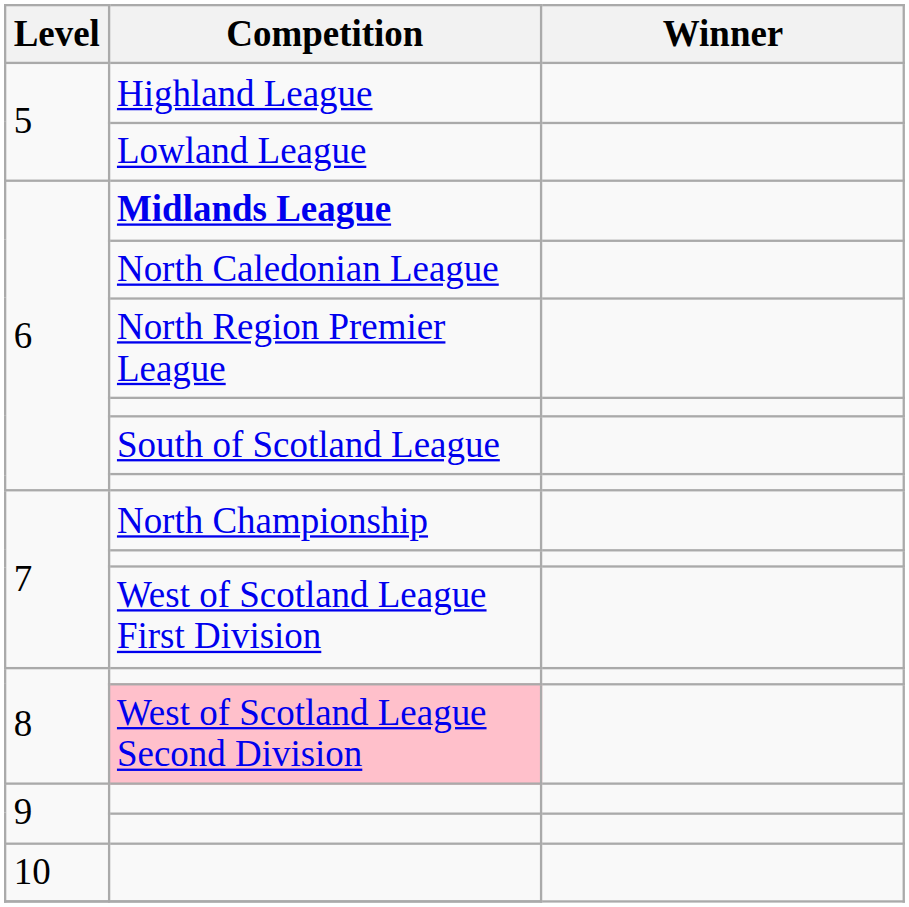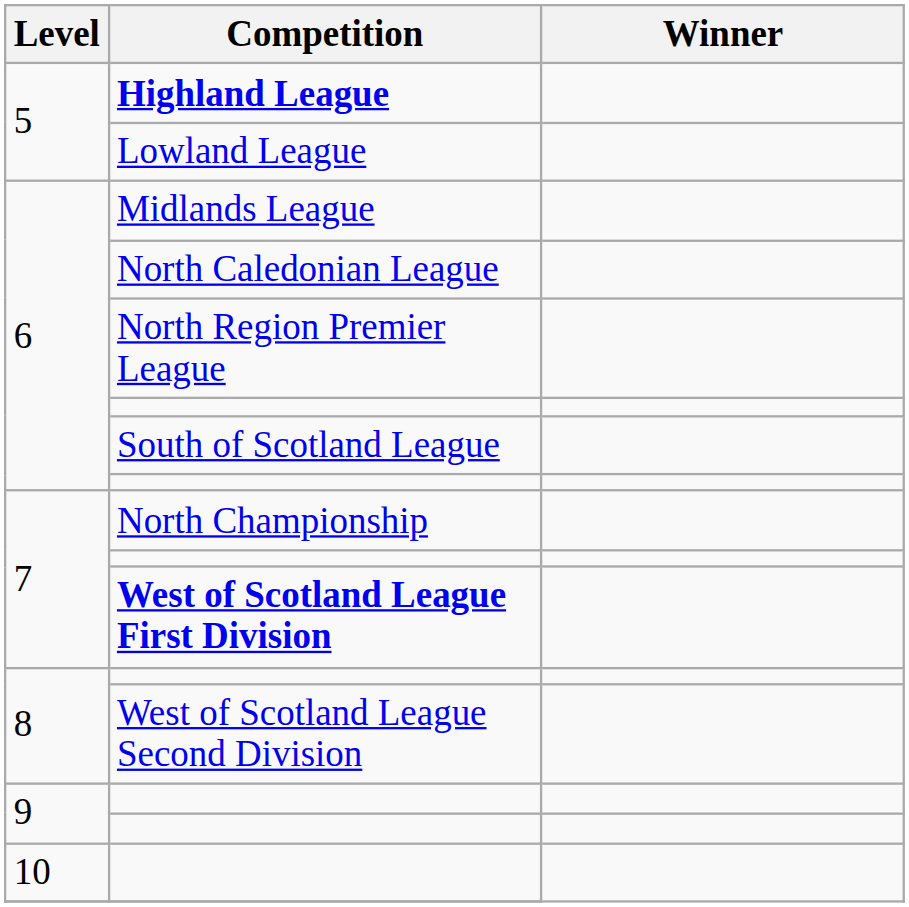 <table class="wikitable">
 <tr>
 <th>Level</th>
 <th width=180>Competition</th>
 <th width=150>Winner</th>
 </tr>
 <tr>
 <td rowspan="2">5</td>
-<td><a href='#'>Highland League</a></td>
+<td><strong><a href='#'>Highland League</a></strong></td>
 <td></td>
 </tr>
 <tr>
 <td><a href='#'>Lowland League</a></td>
 <td></td>
 </tr>
 <tr>
 <td rowspan="6">6</td>
-<td><strong><a href='#'>Midlands League</a></strong></td>
+<td><a href='#'>Midlands League</a></td>
 <td></td>
 </tr>
 <tr>
 <td><a href='#'>North Caledonian League</a></td>
 <td></td>
 </tr>
 <tr>
 <td><a href='#'>North Region Premier League</a></td>
 <td></td>
 </tr>
 <tr>
 <td></td>
 <td></td>
 </tr>
 <tr>
 <td><a href='#'>South of Scotland League</a></td>
 <td></td>
 </tr>
 <tr>
 <td></td>
 <td></td>
 </tr>
 <tr>
 <td rowspan="3">7</td>
 <td><a href='#'>North Championship</a></td>
 <td></td>
 </tr>
 <tr>
 <td></td>
 <td></td>
 </tr>
 <tr>
-<td><a href='#'>West of Scotland League First Division</a></td>
+<td><strong><a href='#'>West of Scotland League First Division</a></strong></td>
 <td></td>
 </tr>
 <tr>
 <td rowspan="2">8</td>
 <td></td>
 <td></td>
 </tr>
 <tr>
-<td style="background: pink;"><a href='#'>West of Scotland League Second Division</a></td>
+<td><a href='#'>West of Scotland League Second Division</a></td>
 <td></td>
 </tr>
 <tr>
 <td rowspan="2">9</td>
 <td></td>
 <td></td>
 </tr>
 <tr>
 <td></td>
 <td></td>
 </tr>
 <tr>
 <td>10</td>
 <td></td>
 </tr>
 <tr>
 </tr>
 </table>
